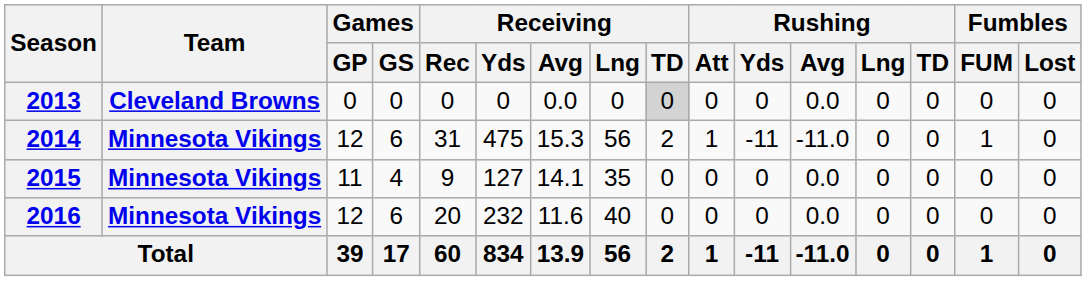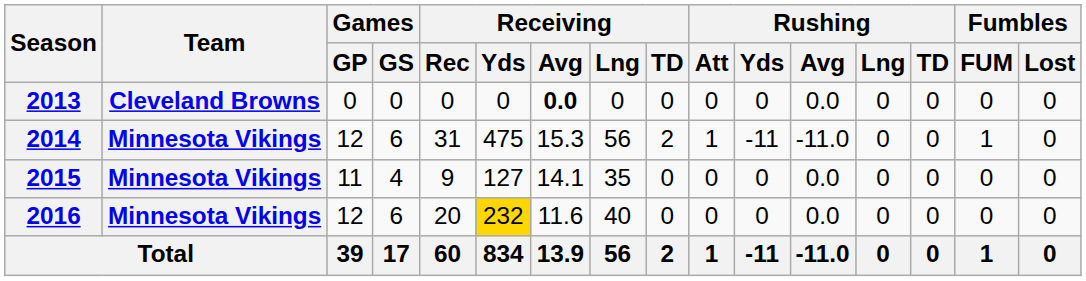 <table class=wikitable style="text-align:center;">
 <tr>
 <th rowspan=2>Season</th>
 <th rowspan=2>Team</th>
 <th colspan=2>Games</th>
 <th colspan=5>Receiving</th>
 <th colspan=5>Rushing</th>
 <th colspan=2>Fumbles</th>
 </tr>
 <tr>
 <th>GP</th>
 <th>GS</th>
 <th>Rec</th>
 <th>Yds</th>
 <th>Avg</th>
 <th>Lng</th>
 <th>TD</th>
 <th>Att</th>
 <th>Yds</th>
 <th>Avg</th>
 <th>Lng</th>
 <th>TD</th>
 <th>FUM</th>
 <th>Lost</th>
 </tr>
 <tr>
 <th><a href='#'>2013</a></th>
 <th><a href='#'>Cleveland Browns</a></th>
 <td>0</td>
 <td>0</td>
 <td>0</td>
 <td>0</td>
-<td>0.0</td>
+<td><strong>0.0</strong></td>
 <td>0</td>
-<td style="background: lightgrey;">0</td>
+<td>0</td>
 <td>0</td>
 <td>0</td>
 <td>0.0</td>
 <td>0</td>
 <td>0</td>
 <td>0</td>
 <td>0</td>
 </tr>
 <tr>
 <th><a href='#'>2014</a></th>
 <th><a href='#'>Minnesota Vikings</a></th>
 <td>12</td>
 <td>6</td>
 <td>31</td>
 <td>475</td>
 <td>15.3</td>
 <td>56</td>
 <td>2</td>
 <td>1</td>
 <td>-11</td>
 <td>-11.0</td>
 <td>0</td>
 <td>0</td>
 <td>1</td>
 <td>0</td>
 </tr>
 <tr>
 <th><a href='#'>2015</a></th>
 <th><a href='#'>Minnesota Vikings</a></th>
 <td>11</td>
 <td>4</td>
 <td>9</td>
 <td>127</td>
 <td>14.1</td>
 <td>35</td>
 <td>0</td>
 <td>0</td>
 <td>0</td>
 <td>0.0</td>
 <td>0</td>
 <td>0</td>
 <td>0</td>
 <td>0</td>
 </tr>
 <tr>
 <th><a href='#'>2016</a></th>
 <th><a href='#'>Minnesota Vikings</a></th>
 <td>12</td>
 <td>6</td>
 <td>20</td>
-<td>232</td>
+<td style="background: gold;">232</td>
 <td>11.6</td>
 <td>40</td>
 <td>0</td>
 <td>0</td>
 <td>0</td>
 <td>0.0</td>
 <td>0</td>
 <td>0</td>
 <td>0</td>
 <td>0</td>
 </tr>
 <tr>
 <th colspan="2">Total</th>
 <th>39</th>
 <th>17</th>
 <th>60</th>
 <th>834</th>
 <th>13.9</th>
 <th>56</th>
 <th>2</th>
 <th>1</th>
 <th>-11</th>
 <th>-11.0</th>
 <th>0</th>
 <th>0</th>
 <th>1</th>
 <th>0</th>
 </tr>
 </table>
